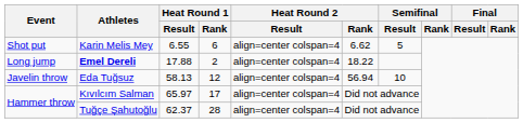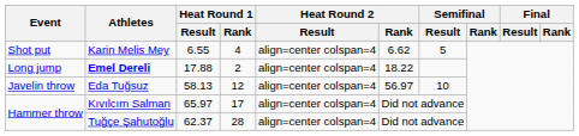 <table class="wikitable" border="1" style="font-size:90%">
 <tr>
 <th rowspan="2">Event</th>
 <th rowspan="2">Athletes</th>
 <th colspan="2">Heat Round 1</th>
 <th colspan="2">Heat Round 2</th>
 <th colspan="2">Semifinal</th>
 <th colspan="2">Final</th>
 </tr>
 <tr>
 <th>Result</th>
 <th>Rank</th>
 <th>Result</th>
 <th>Rank</th>
 <th>Result</th>
 <th>Rank</th>
 <th>Result</th>
 <th>Rank</th>
 </tr>
 <tr>
 <td rowspan=1><a href='#'>Shot put</a></td>
 <td><a href='#'>Karin Melis Mey</a></td>
 <td align=center>6.55</td>
-<td align=center>6</td>
+<td align=center>4</td>
 <td>align=center colspan=4 </td>
 <td align=center>6.62</td>
 <td align=center>5</td>
 </tr>
 <tr>
 <td rowspan=1><a href='#'>Long jump</a></td>
 <td><strong><a href='#'>Emel Dereli</a></strong></td>
 <td align=center>17.88</td>
 <td align=center>2</td>
 <td>align=center colspan=4 </td>
 <td align=center>18.22</td>
 <td align=center bgcolor=></td>
 </tr>
 <tr>
 <td rowspan=1><a href='#'>Javelin throw</a></td>
 <td><a href='#'>Eda Tuğsuz</a></td>
 <td align=center>58.13</td>
 <td align=center>12</td>
 <td>align=center colspan=4 </td>
-<td align=center>56.94</td>
+<td align=center>56.97</td>
 <td align=center>10</td>
 </tr>
 <tr>
 <td rowspan=2><a href='#'>Hammer throw</a></td>
 <td><a href='#'>Kıvılcım Salman</a></td>
 <td align=center>65.97</td>
 <td align=center>17</td>
 <td>align=center colspan=4 </td>
 <td align=center colspan=2>Did not advance</td>
 </tr>
 <tr>
 <td><a href='#'>Tuğçe Şahutoğlu</a></td>
 <td align=center>62.37</td>
 <td align=center>28</td>
 <td>align=center colspan=4 </td>
 <td align=center colspan=2>Did not advance</td>
 </tr>
 </table>
